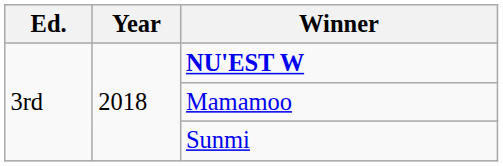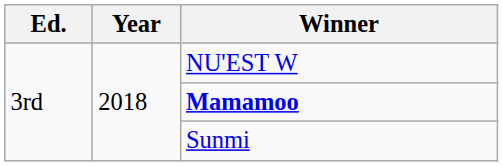 <table class="wikitable">
 <tr align=center>
 <th style="width:50px">Ed.</th>
 <th style="width:50px">Year</th>
 <th style="width:200px">Winner</th>
 </tr>
 <tr>
 <td rowspan="3">3rd</td>
 <td rowspan="3">2018</td>
-<td><strong><a href='#'>NU'EST W</a></strong></td>
+<td><a href='#'>NU'EST W</a></td>
 </tr>
 <tr>
-<td><a href='#'>Mamamoo</a></td>
+<td><strong><a href='#'>Mamamoo</a></strong></td>
 </tr>
 <tr>
 <td><a href='#'>Sunmi</a></td>
 </tr>
 </table>
